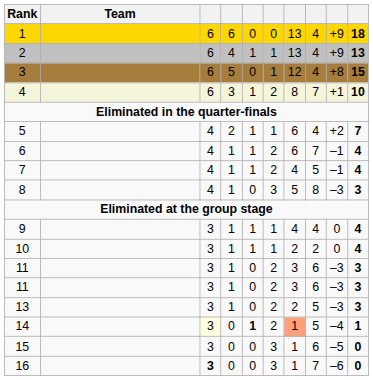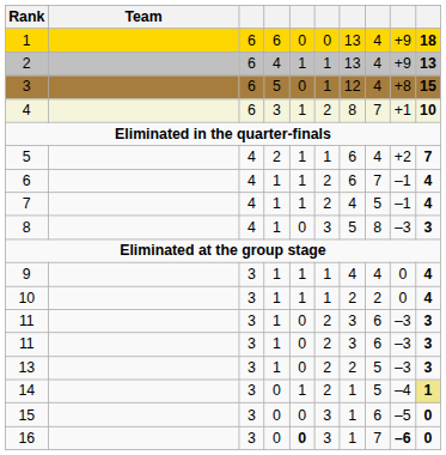 <table class="wikitable" style="text-align:center">
 <tr>
 <th width=20>Rank</th>
 <th width=200>Team</th>
 <th width="20"></th>
 <th width="20"></th>
 <th width="20"></th>
 <th width="20"></th>
 <th width="20"></th>
 <th width="20"></th>
 <th width="20"></th>
 <th width="20"></th>
 </tr>
 <tr style="background:gold;">
 <td>1</td>
 <td style="text-align:left;"></td>
 <td>6</td>
 <td>6</td>
 <td>0</td>
 <td>0</td>
 <td>13</td>
 <td>4</td>
 <td>+9</td>
 <td><strong>18</strong></td>
 </tr>
 <tr style="background:silver;">
 <td>2</td>
 <td style="text-align:left;"></td>
 <td>6</td>
 <td>4</td>
 <td>1</td>
 <td>1</td>
 <td>13</td>
 <td>4</td>
 <td>+9</td>
 <td><strong>13</strong></td>
 </tr>
 <tr style="background:#a67d3d;">
 <td>3</td>
 <td style="text-align:left;"></td>
 <td>6</td>
 <td>5</td>
 <td>0</td>
 <td>1</td>
 <td>12</td>
 <td>4</td>
 <td>+8</td>
 <td><strong>15</strong></td>
 </tr>
 <tr style="background:beige;">
 <td>4</td>
 <td style="text-align:left;"></td>
 <td>6</td>
 <td>3</td>
 <td>1</td>
 <td>2</td>
 <td>8</td>
 <td>7</td>
 <td>+1</td>
 <td><strong>10</strong></td>
 </tr>
 <tr>
 <td colspan="11"><strong>Eliminated in the quarter-finals</strong></td>
 </tr>
 <tr>
 <td>5</td>
 <td style="text-align:left;"></td>
 <td>4</td>
 <td>2</td>
 <td>1</td>
 <td>1</td>
 <td>6</td>
 <td>4</td>
 <td>+2</td>
 <td><strong>7</strong></td>
 </tr>
 <tr>
 <td>6</td>
 <td style="text-align:left;"></td>
 <td>4</td>
 <td>1</td>
 <td>1</td>
 <td>2</td>
 <td>6</td>
 <td>7</td>
 <td>–1</td>
 <td><strong>4</strong></td>
 </tr>
 <tr>
 <td>7</td>
 <td style="text-align:left;"></td>
 <td>4</td>
 <td>1</td>
 <td>1</td>
 <td>2</td>
 <td>4</td>
 <td>5</td>
 <td>–1</td>
 <td><strong>4</strong></td>
 </tr>
 <tr>
 <td>8</td>
 <td style="text-align:left;"></td>
 <td>4</td>
 <td>1</td>
 <td>0</td>
 <td>3</td>
 <td>5</td>
 <td>8</td>
 <td>–3</td>
 <td><strong>3</strong></td>
 </tr>
 <tr>
 <td colspan="11"><strong>Eliminated at the group stage</strong></td>
 </tr>
 <tr>
 <td>9</td>
 <td style="text-align:left;"></td>
 <td>3</td>
 <td>1</td>
 <td>1</td>
 <td>1</td>
 <td>4</td>
 <td>4</td>
 <td>0</td>
 <td><strong>4</strong></td>
 </tr>
 <tr>
 <td>10</td>
 <td style="text-align:left;"></td>
 <td>3</td>
 <td>1</td>
 <td>1</td>
 <td>1</td>
 <td>2</td>
 <td>2</td>
 <td>0</td>
 <td><strong>4</strong></td>
 </tr>
 <tr>
 <td>11</td>
 <td style="text-align:left;"></td>
 <td>3</td>
 <td>1</td>
 <td>0</td>
 <td>2</td>
 <td>3</td>
 <td>6</td>
 <td>–3</td>
 <td><strong>3</strong></td>
 </tr>
 <tr>
 <td>11</td>
 <td style="text-align:left;"></td>
 <td>3</td>
 <td>1</td>
 <td>0</td>
 <td>2</td>
 <td>3</td>
 <td>6</td>
 <td>–3</td>
 <td><strong>3</strong></td>
 </tr>
 <tr>
 <td>13</td>
 <td style="text-align:left;"></td>
 <td>3</td>
 <td>1</td>
 <td>0</td>
 <td>2</td>
 <td>2</td>
 <td>5</td>
 <td>–3</td>
 <td><strong>3</strong></td>
 </tr>
 <tr>
 <td>14</td>
 <td style="text-align:left;"></td>
-<td style="background: lightyellow;">3</td>
+<td>3</td>
 <td>0</td>
-<td><strong>1</strong></td>
+<td>1</td>
 <td>2</td>
-<td style="background: lightsalmon;">1</td>
+<td>1</td>
 <td>5</td>
 <td>–4</td>
-<td><strong>1</strong></td>
+<td style="background: khaki;"><strong>1</strong></td>
 </tr>
 <tr>
 <td>15</td>
 <td style="text-align:left;"></td>
 <td>3</td>
 <td>0</td>
 <td>0</td>
 <td>3</td>
 <td>1</td>
 <td>6</td>
 <td>–5</td>
 <td><strong>0</strong></td>
 </tr>
 <tr>
 <td>16</td>
 <td style="text-align:left;"></td>
-<td><strong>3</strong></td>
+<td>3</td>
 <td>0</td>
-<td>0</td>
+<td><strong>0</strong></td>
 <td>3</td>
 <td>1</td>
 <td>7</td>
-<td>–6</td>
+<td><strong>–6</strong></td>
 <td><strong>0</strong></td>
 </tr>
 </table>
